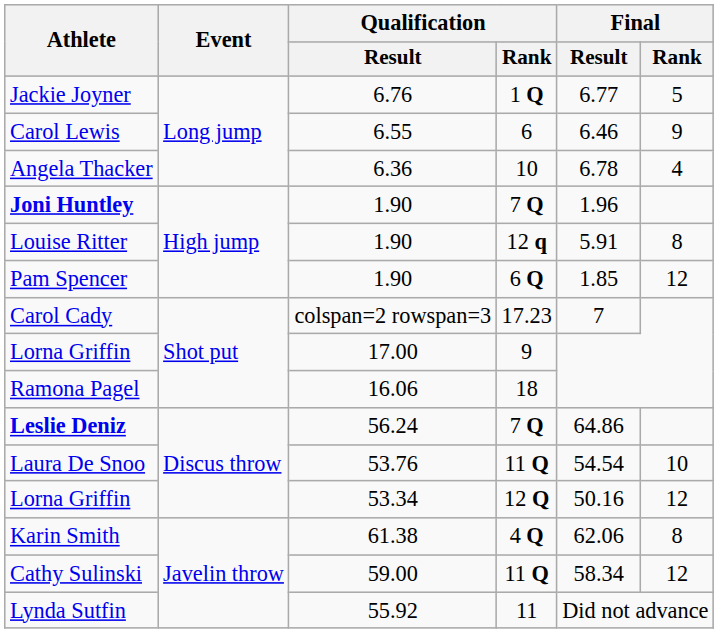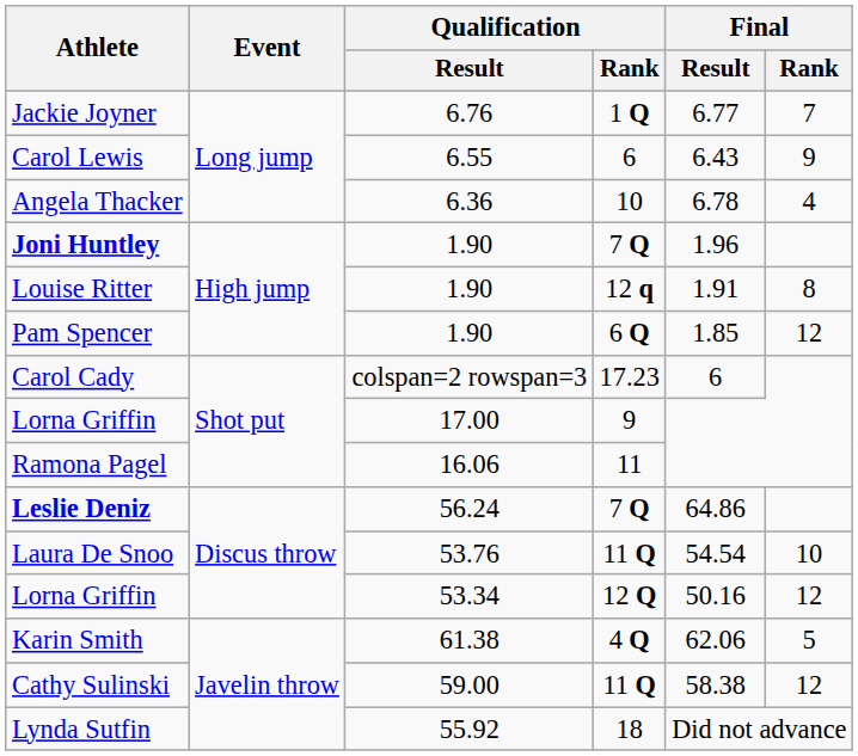 <table class=wikitable style=font-size:90%;text-align:center>
 <tr>
 <th rowspan=2>Athlete</th>
 <th rowspan=2>Event</th>
 <th colspan=2>Qualification</th>
 <th colspan=2>Final</th>
 </tr>
 <tr style=font-size:95%>
 <th>Result</th>
 <th>Rank</th>
 <th>Result</th>
 <th>Rank</th>
 </tr>
 <tr>
 <td align=left><a href='#'>Jackie Joyner</a></td>
 <td align=left rowspan=3><a href='#'>Long jump</a></td>
 <td>6.76</td>
 <td>1 <strong>Q</strong></td>
 <td>6.77</td>
-<td>5</td>
+<td>7</td>
 </tr>
 <tr>
 <td align=left><a href='#'>Carol Lewis</a></td>
 <td>6.55</td>
 <td>6</td>
-<td>6.46</td>
+<td>6.43</td>
 <td>9</td>
 </tr>
 <tr>
 <td align=left><a href='#'>Angela Thacker</a></td>
 <td>6.36</td>
 <td>10</td>
 <td>6.78</td>
 <td>4</td>
 </tr>
 <tr>
 <td align=left><strong><a href='#'>Joni Huntley</a></strong></td>
 <td align=left rowspan=3><a href='#'>High jump</a></td>
 <td>1.90</td>
 <td>7 <strong>Q</strong></td>
 <td>1.96</td>
 <td></td>
 </tr>
 <tr>
 <td align=left><a href='#'>Louise Ritter</a></td>
 <td>1.90</td>
 <td>12 <strong>q</strong></td>
-<td>5.91</td>
+<td>1.91</td>
 <td>8</td>
 </tr>
 <tr>
 <td align=left><a href='#'>Pam Spencer</a></td>
 <td>1.90</td>
 <td>6 <strong>Q</strong></td>
 <td>1.85</td>
 <td>12</td>
 </tr>
 <tr>
 <td align=left><a href='#'>Carol Cady</a></td>
 <td align=left rowspan=3><a href='#'>Shot put</a></td>
 <td>colspan=2 rowspan=3 </td>
 <td>17.23</td>
-<td>7</td>
+<td>6</td>
 </tr>
 <tr>
 <td align=left><a href='#'>Lorna Griffin</a></td>
 <td>17.00</td>
 <td>9</td>
 </tr>
 <tr>
 <td align=left><a href='#'>Ramona Pagel</a></td>
 <td>16.06</td>
-<td>18</td>
+<td>11</td>
 </tr>
 <tr>
 <td align=left><strong><a href='#'>Leslie Deniz</a></strong></td>
 <td align=left rowspan=3><a href='#'>Discus throw</a></td>
 <td>56.24</td>
 <td>7 <strong>Q</strong></td>
 <td>64.86</td>
 <td></td>
 </tr>
 <tr>
 <td align=left><a href='#'>Laura De Snoo</a></td>
 <td>53.76</td>
 <td>11 <strong>Q</strong></td>
 <td>54.54</td>
 <td>10</td>
 </tr>
 <tr>
 <td align=left><a href='#'>Lorna Griffin</a></td>
 <td>53.34</td>
 <td>12 <strong>Q</strong></td>
 <td>50.16</td>
 <td>12</td>
 </tr>
 <tr>
 <td align=left><a href='#'>Karin Smith</a></td>
 <td align=left rowspan=3><a href='#'>Javelin throw</a></td>
 <td>61.38</td>
 <td>4 <strong>Q</strong></td>
 <td>62.06</td>
-<td>8</td>
+<td>5</td>
 </tr>
 <tr>
 <td align=left><a href='#'>Cathy Sulinski</a></td>
 <td>59.00</td>
 <td>11 <strong>Q</strong></td>
-<td>58.34</td>
+<td>58.38</td>
 <td>12</td>
 </tr>
 <tr>
 <td align=left><a href='#'>Lynda Sutfin</a></td>
 <td>55.92</td>
-<td>11</td>
+<td>18</td>
 <td colspan=2>Did not advance</td>
 </tr>
 </table>
